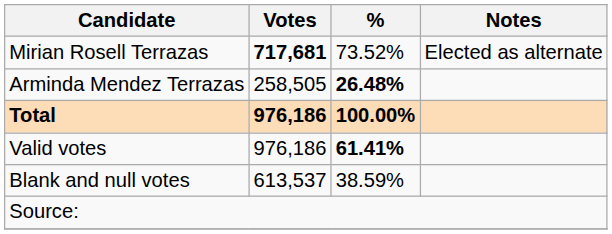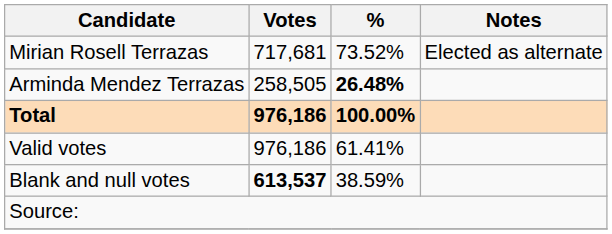 <table class=wikitable>
 <tr>
 <th>Candidate</th>
 <th>Votes</th>
 <th>%</th>
 <th>Notes</th>
 </tr>
 <tr>
 <td>Mirian Rosell Terrazas</td>
-<td><strong>717,681</strong></td>
+<td>717,681</td>
 <td>73.52%</td>
 <td>Elected as alternate</td>
 </tr>
 <tr>
 <td>Arminda Mendez Terrazas</td>
 <td>258,505</td>
 <td><strong>26.48%</strong></td>
 <td></td>
 </tr>
 <tr>
 <td style="background:#FDDCB8"><strong>Total</strong></td>
 <td style="background:#FDDCB8"><strong>976,186</strong></td>
 <td style="background:#FDDCB8"><strong>100.00%</strong></td>
 <td style="background:#FDDCB8"></td>
 </tr>
 <tr>
 <td>Valid votes</td>
 <td>976,186</td>
-<td><strong>61.41%</strong></td>
+<td>61.41%</td>
 <td></td>
 </tr>
 <tr>
 <td>Blank and null votes</td>
-<td>613,537</td>
+<td><strong>613,537</strong></td>
 <td>38.59%</td>
 <td></td>
 </tr>
 <tr>
 <td colspan="4">Source: </td>
 </tr>
 <tr>
 </tr>
 </table>
